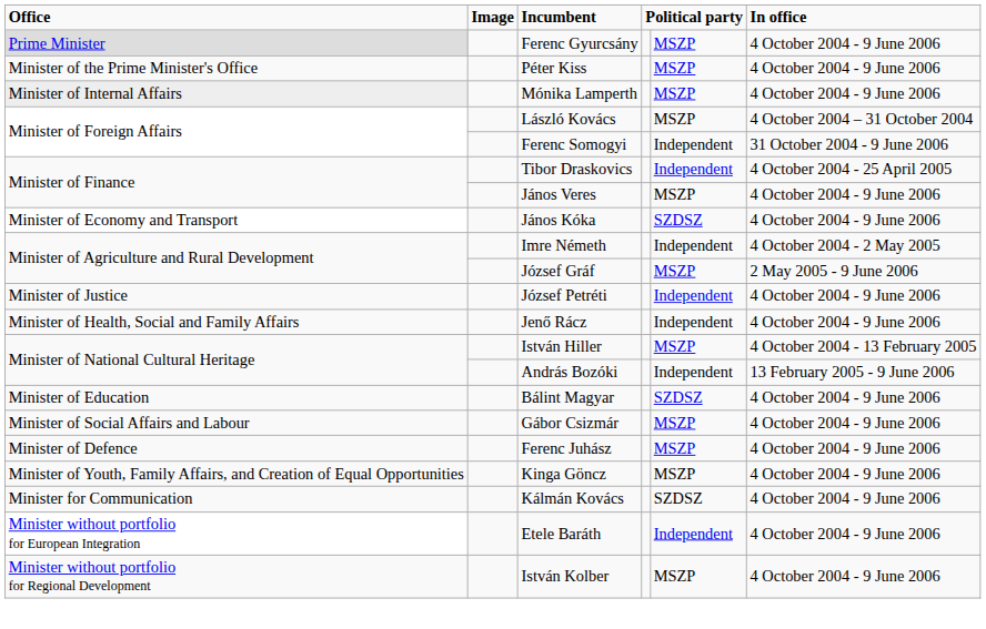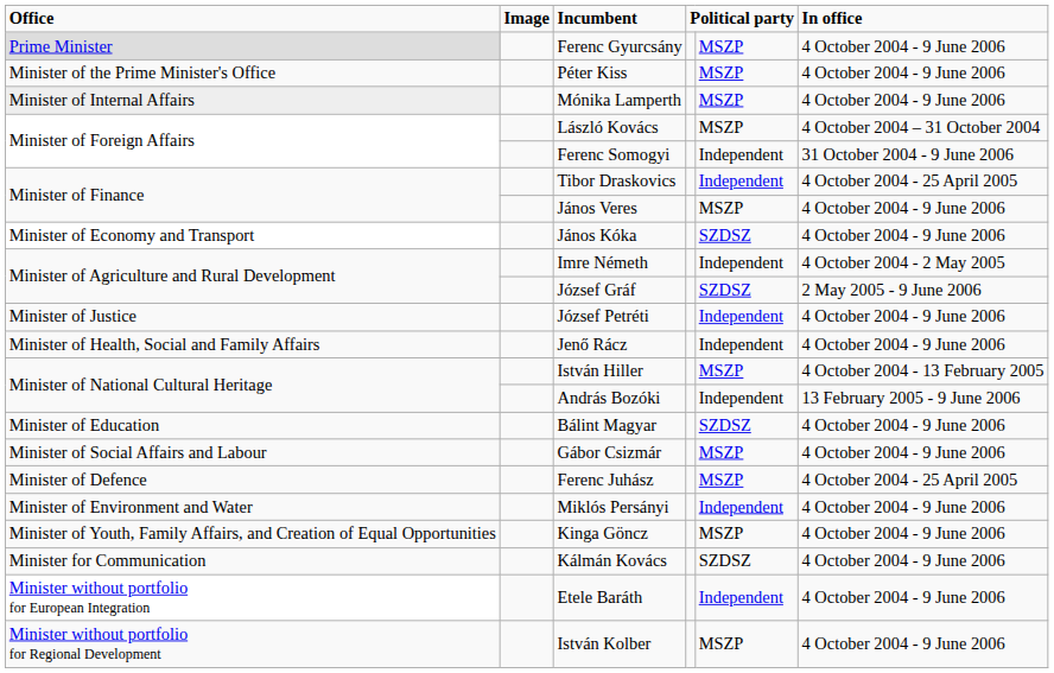 <table class="wikitable">
 <tr>
 <td><strong>Office</strong></td>
 <td><strong>Image</strong></td>
 <td><strong>Incumbent</strong></td>
 <td colspan="2"><strong>Political party</strong></td>
 <td><strong>In office</strong></td>
 </tr>
 <tr>
 <td style="background:#ddd;"><a href='#'>Prime Minister</a></td>
 <td></td>
 <td>Ferenc Gyurcsány</td>
 <td style="background-color: "></td>
 <td><a href='#'>MSZP</a></td>
 <td>4 October 2004 - 9 June 2006</td>
 </tr>
 <tr>
 <td>Minister of the Prime Minister's Office</td>
 <td></td>
 <td>Péter Kiss</td>
 <td style="background-color: "></td>
 <td><a href='#'>MSZP</a></td>
 <td>4 October 2004 - 9 June 2006</td>
 </tr>
 <tr>
 <td style="background:#eee;">Minister of Internal Affairs</td>
 <td></td>
 <td>Mónika Lamperth</td>
 <td style="background-color: "></td>
 <td><a href='#'>MSZP</a></td>
 <td>4 October 2004 - 9 June 2006</td>
 </tr>
 <tr>
 <td rowspan="2" style="background:#fff;">Minister of Foreign Affairs</td>
 <td></td>
 <td>László Kovács</td>
 <td style="background-color: "></td>
 <td>MSZP</td>
 <td>4 October 2004 – 31 October 2004</td>
 </tr>
 <tr>
 <td></td>
 <td>Ferenc Somogyi</td>
 <td style="background-color: "></td>
 <td>Independent</td>
 <td>31 October 2004 - 9 June 2006</td>
 </tr>
 <tr>
 <td rowspan="2">Minister of Finance</td>
 <td></td>
 <td>Tibor Draskovics</td>
 <td style="background-color: "></td>
 <td><a href='#'>Independent</a></td>
 <td>4 October 2004 - 25 April 2005</td>
 </tr>
 <tr>
 <td></td>
 <td>János Veres</td>
 <td style="background-color: "></td>
 <td>MSZP</td>
 <td>4 October 2004 - 9 June 2006</td>
 </tr>
 <tr>
 <td style="background:#fff;">Minister of Economy and Transport</td>
 <td></td>
 <td>János Kóka</td>
 <td style="background-color: "></td>
 <td><a href='#'>SZDSZ</a></td>
 <td>4 October 2004 - 9 June 2006</td>
 </tr>
 <tr>
 <td rowspan="2">Minister of Agriculture and Rural Development</td>
 <td></td>
 <td>Imre Németh</td>
 <td style="background-color: "></td>
 <td>Independent</td>
 <td>4 October 2004 - 2 May 2005</td>
 </tr>
 <tr>
 <td></td>
 <td>József Gráf</td>
 <td style="background-color: "></td>
-<td><a href='#'>MSZP</a></td>
+<td><a href='#'>SZDSZ</a></td>
 <td>2 May 2005 - 9 June 2006</td>
 </tr>
 <tr>
 <td>Minister of Justice</td>
 <td></td>
 <td>József Petréti</td>
 <td style="background-color: "></td>
 <td><a href='#'>Independent</a></td>
 <td>4 October 2004 - 9 June 2006</td>
 </tr>
 <tr>
 <td>Minister of Health, Social and Family Affairs</td>
 <td></td>
 <td>Jenő Rácz</td>
 <td style="background-color: "></td>
 <td>Independent</td>
 <td>4 October 2004 - 9 June 2006</td>
 </tr>
 <tr>
 <td rowspan="2">Minister of National Cultural Heritage</td>
 <td></td>
 <td>István Hiller</td>
 <td style="background-color: "></td>
 <td><a href='#'>MSZP</a></td>
 <td>4 October 2004 - 13 February 2005</td>
 </tr>
 <tr>
 <td></td>
 <td>András Bozóki</td>
 <td style="background-color: "></td>
 <td>Independent</td>
 <td>13 February 2005 - 9 June 2006</td>
 </tr>
 <tr>
 <td>Minister of Education</td>
 <td></td>
 <td>Bálint Magyar</td>
 <td style="background-color: "></td>
 <td><a href='#'>SZDSZ</a></td>
 <td>4 October 2004 - 9 June 2006</td>
 </tr>
 <tr>
 <td>Minister of Social Affairs and Labour</td>
 <td></td>
 <td>Gábor Csizmár</td>
 <td style="background-color: "></td>
 <td><a href='#'>MSZP</a></td>
 <td>4 October 2004 - 9 June 2006</td>
 </tr>
 <tr>
 <td>Minister of Defence</td>
 <td></td>
 <td>Ferenc Juhász</td>
 <td style="background-color: "></td>
 <td><a href='#'>MSZP</a></td>
+<td>4 October 2004 - 25 April 2005</td>
+</tr>
+<tr>
+<td>Minister of Environment and Water</td>
+<td></td>
+<td>Miklós Persányi</td>
+<td style="background-color: "></td>
+<td><a href='#'>Independent</a></td>
 <td>4 October 2004 - 9 June 2006</td>
 </tr>
 <tr>
 <td>Minister of Youth, Family Affairs, and Creation of Equal Opportunities</td>
 <td></td>
 <td>Kinga Göncz</td>
 <td style="background-color: "></td>
 <td>MSZP</td>
 <td>4 October 2004 - 9 June 2006</td>
 </tr>
 <tr>
 <td>Minister for Communication</td>
 <td></td>
 <td>Kálmán Kovács</td>
 <td style="background-color: "></td>
 <td>SZDSZ</td>
 <td>4 October 2004 - 9 June 2006</td>
 </tr>
 <tr>
 <td style="background:#fff;"><a href='#'>Minister without portfolio</a><br><small>for European Integration</small></td>
 <td></td>
 <td>Etele Baráth</td>
 <td style="background-color: "></td>
 <td><a href='#'>Independent</a></td>
 <td>4 October 2004 - 9 June 2006</td>
 </tr>
 <tr>
 <td><a href='#'>Minister without portfolio</a><br><small>for Regional Development</small></td>
 <td></td>
 <td>István Kolber</td>
 <td style="background-color: "></td>
 <td>MSZP</td>
 <td>4 October 2004 - 9 June 2006</td>
 </tr>
 </table>
